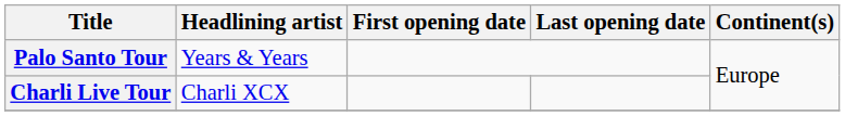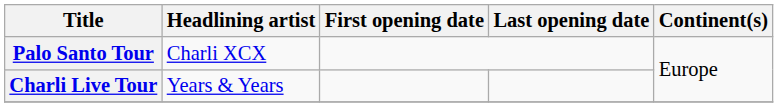 <table class="wikitable plainrowheaders">
 <tr>
 <th scope=col>Title</th>
 <th scope=col>Headlining artist</th>
 <th scope=col>First opening date</th>
 <th scope=col>Last opening date</th>
 <th scope=col>Continent(s)</th>
 </tr>
 <tr>
 <th scope=row><a href='#'>Palo Santo Tour</a></th>
-<td><a href='#'>Years & Years</a></td>
+<td><a href='#'>Charli XCX</a></td>
 <td colspan=2></td>
 <td rowspan=2>Europe</td>
 </tr>
 <tr>
 <th scope=row><a href='#'>Charli Live Tour</a></th>
-<td><a href='#'>Charli XCX</a></td>
+<td><a href='#'>Years & Years</a></td>
 <td></td>
 <td></td>
 </tr>
 <tr>
 </tr>
 </table>
